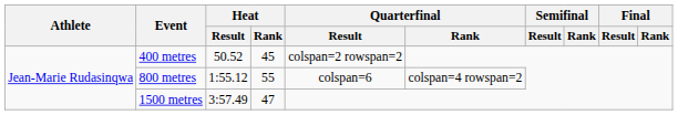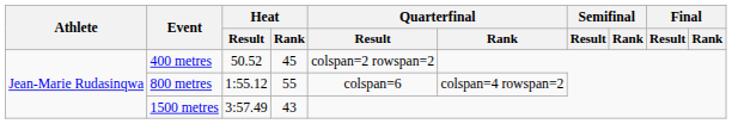 <table class=wikitable style=font-size:90%>
 <tr>
 <th rowspan=2>Athlete</th>
 <th rowspan=2>Event</th>
 <th colspan=2>Heat</th>
 <th colspan=2>Quarterfinal</th>
 <th colspan=2>Semifinal</th>
 <th colspan=2>Final</th>
 </tr>
 <tr style=font-size:95%>
 <th>Result</th>
 <th>Rank</th>
 <th>Result</th>
 <th>Rank</th>
 <th>Result</th>
 <th>Rank</th>
 <th>Result</th>
 <th>Rank</th>
 </tr>
 <tr align=center>
 <td align=left rowspan=3><a href='#'>Jean-Marie Rudasinqwa</a></td>
 <td align=left><a href='#'>400 metres</a></td>
 <td>50.52</td>
 <td>45</td>
 <td>colspan=2 rowspan=2 </td>
 </tr>
 <tr align=center>
 <td align=left><a href='#'>800 metres</a></td>
 <td>1:55.12</td>
 <td>55</td>
 <td>colspan=6 </td>
 <td>colspan=4 rowspan=2 </td>
 </tr>
 <tr align=center>
 <td align=left><a href='#'>1500 metres</a></td>
 <td>3:57.49</td>
-<td>47</td>
+<td>43</td>
 </tr>
 </table>
